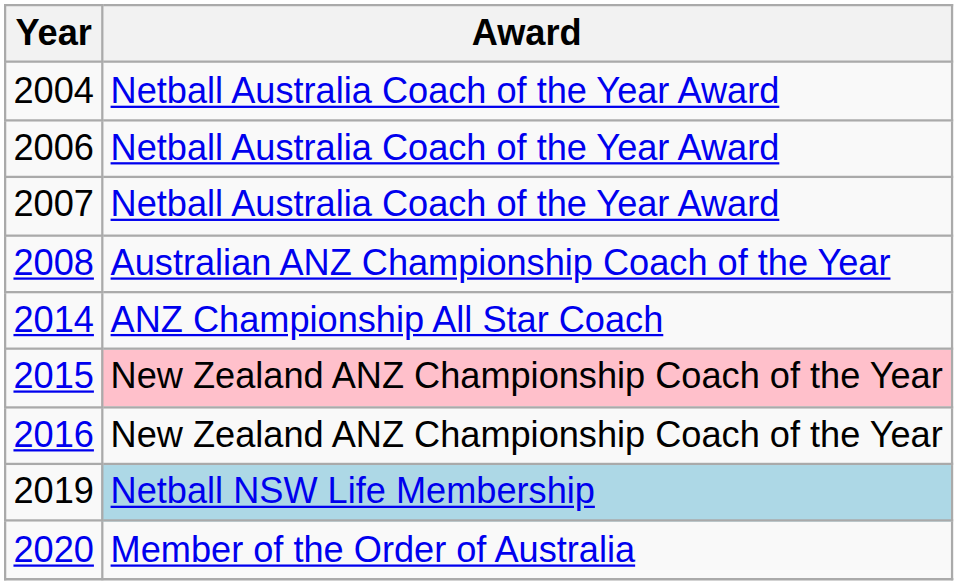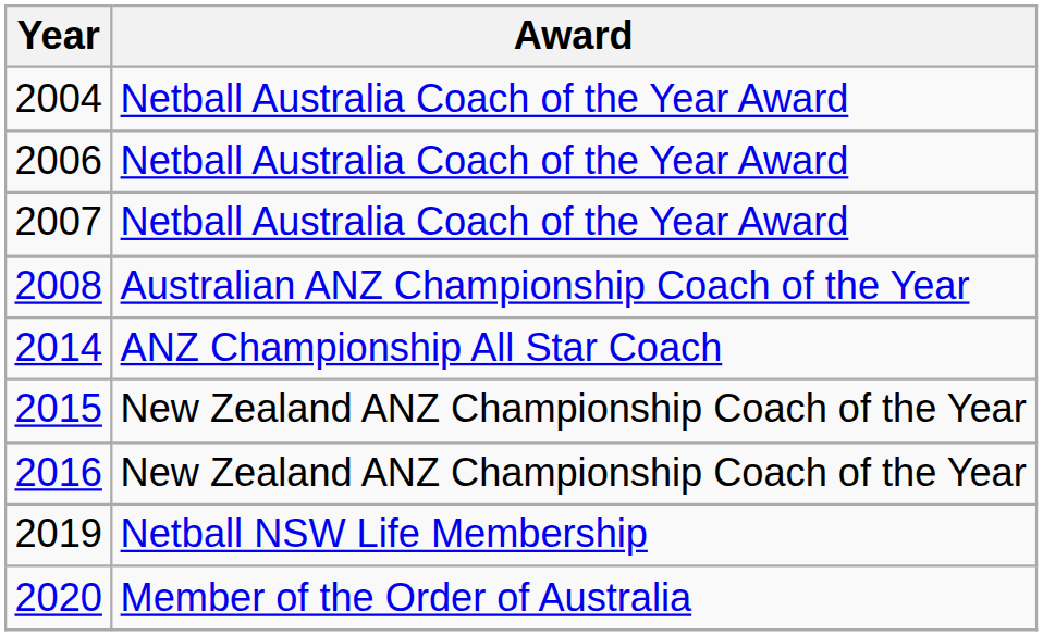 <table class="wikitable collapsible">
 <tr>
 <th>Year</th>
 <th>Award</th>
 </tr>
 <tr>
 <td>2004</td>
 <td><a href='#'>Netball Australia Coach of the Year Award</a></td>
 </tr>
 <tr>
 <td>2006</td>
 <td><a href='#'>Netball Australia Coach of the Year Award</a></td>
 </tr>
 <tr>
 <td>2007</td>
 <td><a href='#'>Netball Australia Coach of the Year Award</a></td>
 </tr>
 <tr>
 <td><a href='#'>2008</a></td>
 <td><a href='#'>Australian ANZ Championship Coach of the Year</a></td>
 </tr>
 <tr>
 <td><a href='#'>2014</a></td>
 <td><a href='#'>ANZ Championship All Star Coach</a></td>
 </tr>
 <tr>
 <td><a href='#'>2015</a></td>
-<td style="background: pink;">New Zealand ANZ Championship Coach of the Year</td>
+<td>New Zealand ANZ Championship Coach of the Year</td>
 </tr>
 <tr>
 <td><a href='#'>2016</a></td>
 <td>New Zealand ANZ Championship Coach of the Year</td>
 </tr>
 <tr>
 <td>2019</td>
-<td style="background: lightblue;"><a href='#'>Netball NSW Life Membership</a></td>
+<td><a href='#'>Netball NSW Life Membership</a></td>
 </tr>
 <tr>
 <td><a href='#'>2020</a></td>
 <td><a href='#'>Member of the Order of Australia</a></td>
 </tr>
 <tr>
 </tr>
 </table>
